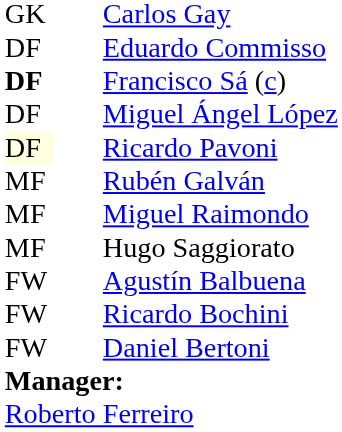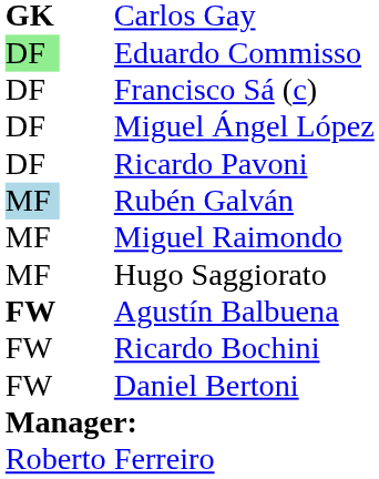 <table cellspacing="0" cellpadding="0" style="font-size:90%; margin:0.2em auto;">
 <tr>
 <th width="25"></th>
 <th width="25"></th>
 </tr>
 <tr>
-<td>GK</td>
+<td><strong>GK</strong></td>
 <td></td>
 <td> <a href='#'>Carlos Gay</a></td>
 </tr>
 <tr>
-<td>DF</td>
+<td style="background: lightgreen;">DF</td>
 <td></td>
 <td> <a href='#'>Eduardo Commisso</a></td>
 </tr>
 <tr>
-<td><strong>DF</strong></td>
+<td>DF</td>
 <td></td>
 <td> <a href='#'>Francisco Sá</a> (<a href='#'>c</a>)</td>
 </tr>
 <tr>
 <td>DF</td>
 <td></td>
 <td> <a href='#'>Miguel Ángel López</a></td>
 </tr>
 <tr>
-<td style="background: lightyellow;">DF</td>
+<td>DF</td>
 <td></td>
 <td> <a href='#'>Ricardo Pavoni</a></td>
 </tr>
 <tr>
-<td>MF</td>
+<td style="background: lightblue;">MF</td>
 <td></td>
 <td> <a href='#'>Rubén Galván</a></td>
 </tr>
 <tr>
 <td>MF</td>
 <td></td>
 <td> <a href='#'>Miguel Raimondo</a></td>
 </tr>
 <tr>
 <td>MF</td>
 <td></td>
 <td> Hugo Saggiorato</td>
 </tr>
 <tr>
-<td>FW</td>
+<td><strong>FW</strong></td>
 <td></td>
 <td> <a href='#'>Agustín Balbuena</a></td>
 </tr>
 <tr>
 <td>FW</td>
 <td></td>
 <td> <a href='#'>Ricardo Bochini</a></td>
 </tr>
 <tr>
 <td>FW</td>
 <td></td>
 <td> <a href='#'>Daniel Bertoni</a></td>
 </tr>
 <tr>
 <td colspan=3><strong>Manager:</strong></td>
 </tr>
 <tr>
 <td colspan=4> <a href='#'>Roberto Ferreiro</a></td>
 </tr>
 </table>
